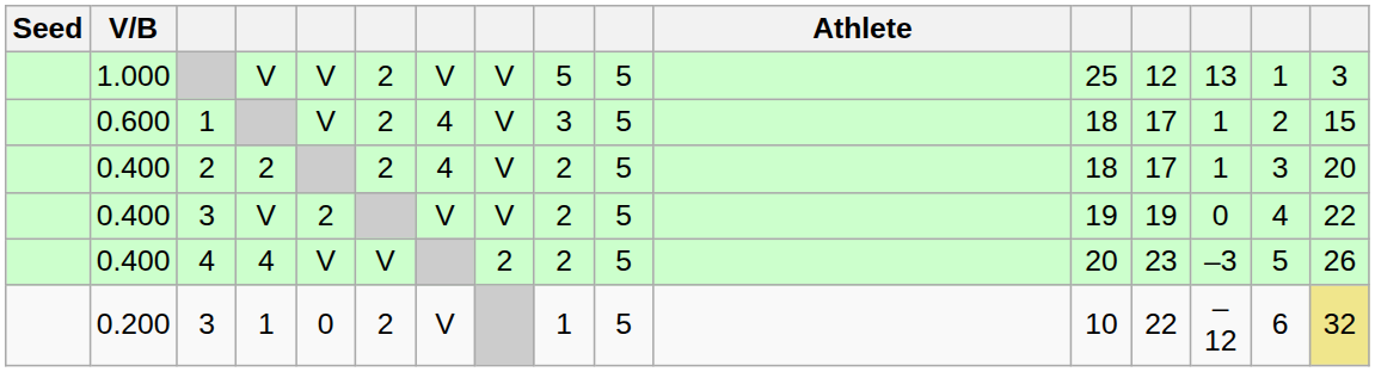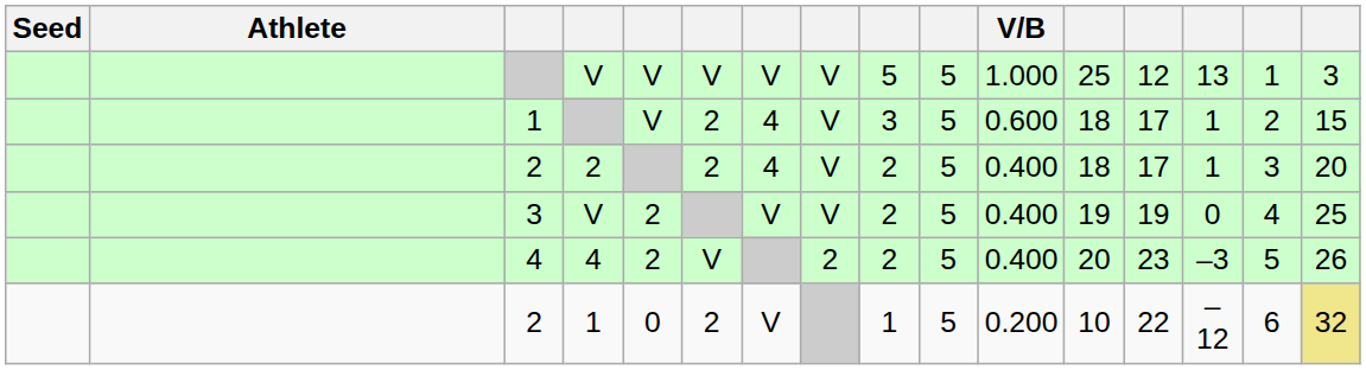 <table class="wikitable" style="text-align:center">
 <tr>
 <th width="25">Seed</th>
-<th width="40">V/B</th>
+<th width="220">Athlete</th>
 <th width="25"></th>
 <th width="25"></th>
 <th width="25"></th>
 <th width="25"></th>
 <th width="25"></th>
 <th width="25"></th>
 <th width="25"></th>
 <th width="25"></th>
-<th width="220">Athlete</th>
+<th width="40">V/B</th>
 <th width="25"></th>
 <th width="25"></th>
 <th width="25"></th>
 <th width="25"></th>
 <th width="25"></th>
 </tr>
 <tr bgcolor=ccffcc>
 <td></td>
-<td>1.000</td>
+<td align=left></td>
 <td bgcolor="#cccccc"></td>
 <td>V</td>
 <td>V</td>
-<td>2</td>
+<td>V</td>
 <td>V</td>
 <td>V</td>
 <td>5</td>
 <td>5</td>
-<td align=left></td>
+<td>1.000</td>
 <td>25</td>
 <td>12</td>
 <td>13</td>
 <td>1</td>
 <td>3</td>
 </tr>
 <tr bgcolor=ccffcc>
 <td></td>
-<td>0.600</td>
+<td align=left></td>
 <td>1</td>
 <td bgcolor="#cccccc"></td>
 <td>V</td>
 <td>2</td>
 <td>4</td>
 <td>V</td>
 <td>3</td>
 <td>5</td>
-<td align=left></td>
+<td>0.600</td>
 <td>18</td>
 <td>17</td>
 <td>1</td>
 <td>2</td>
 <td>15</td>
 </tr>
 <tr bgcolor=ccffcc>
 <td></td>
-<td>0.400</td>
+<td align=left></td>
 <td>2</td>
 <td>2</td>
 <td bgcolor="#cccccc"></td>
 <td>2</td>
 <td>4</td>
 <td>V</td>
 <td>2</td>
 <td>5</td>
-<td align=left></td>
+<td>0.400</td>
 <td>18</td>
 <td>17</td>
 <td>1</td>
 <td>3</td>
 <td>20</td>
 </tr>
 <tr bgcolor=ccffcc>
 <td></td>
-<td>0.400</td>
+<td align=left></td>
 <td>3</td>
 <td>V</td>
 <td>2</td>
 <td bgcolor="#cccccc"></td>
 <td>V</td>
 <td>V</td>
 <td>2</td>
 <td>5</td>
-<td align=left></td>
+<td>0.400</td>
 <td>19</td>
 <td>19</td>
 <td>0</td>
 <td>4</td>
-<td>22</td>
+<td>25</td>
 </tr>
 <tr bgcolor=ccffcc>
 <td></td>
-<td>0.400</td>
+<td align=left></td>
 <td>4</td>
 <td>4</td>
-<td>V</td>
+<td>2</td>
 <td>V</td>
 <td bgcolor="#cccccc"></td>
 <td>2</td>
 <td>2</td>
 <td>5</td>
-<td align=left></td>
+<td>0.400</td>
 <td>20</td>
 <td>23</td>
 <td>–3</td>
 <td>5</td>
 <td>26</td>
 </tr>
 <tr>
 <td></td>
-<td>0.200</td>
-<td>3</td>
+<td align=left></td>
+<td>2</td>
 <td>1</td>
 <td>0</td>
 <td>2</td>
 <td>V</td>
 <td bgcolor="#cccccc"></td>
 <td>1</td>
 <td>5</td>
-<td align=left></td>
+<td>0.200</td>
 <td>10</td>
 <td>22</td>
 <td>–12</td>
 <td>6</td>
 <td style="background: khaki;">32</td>
 </tr>
 </table>
